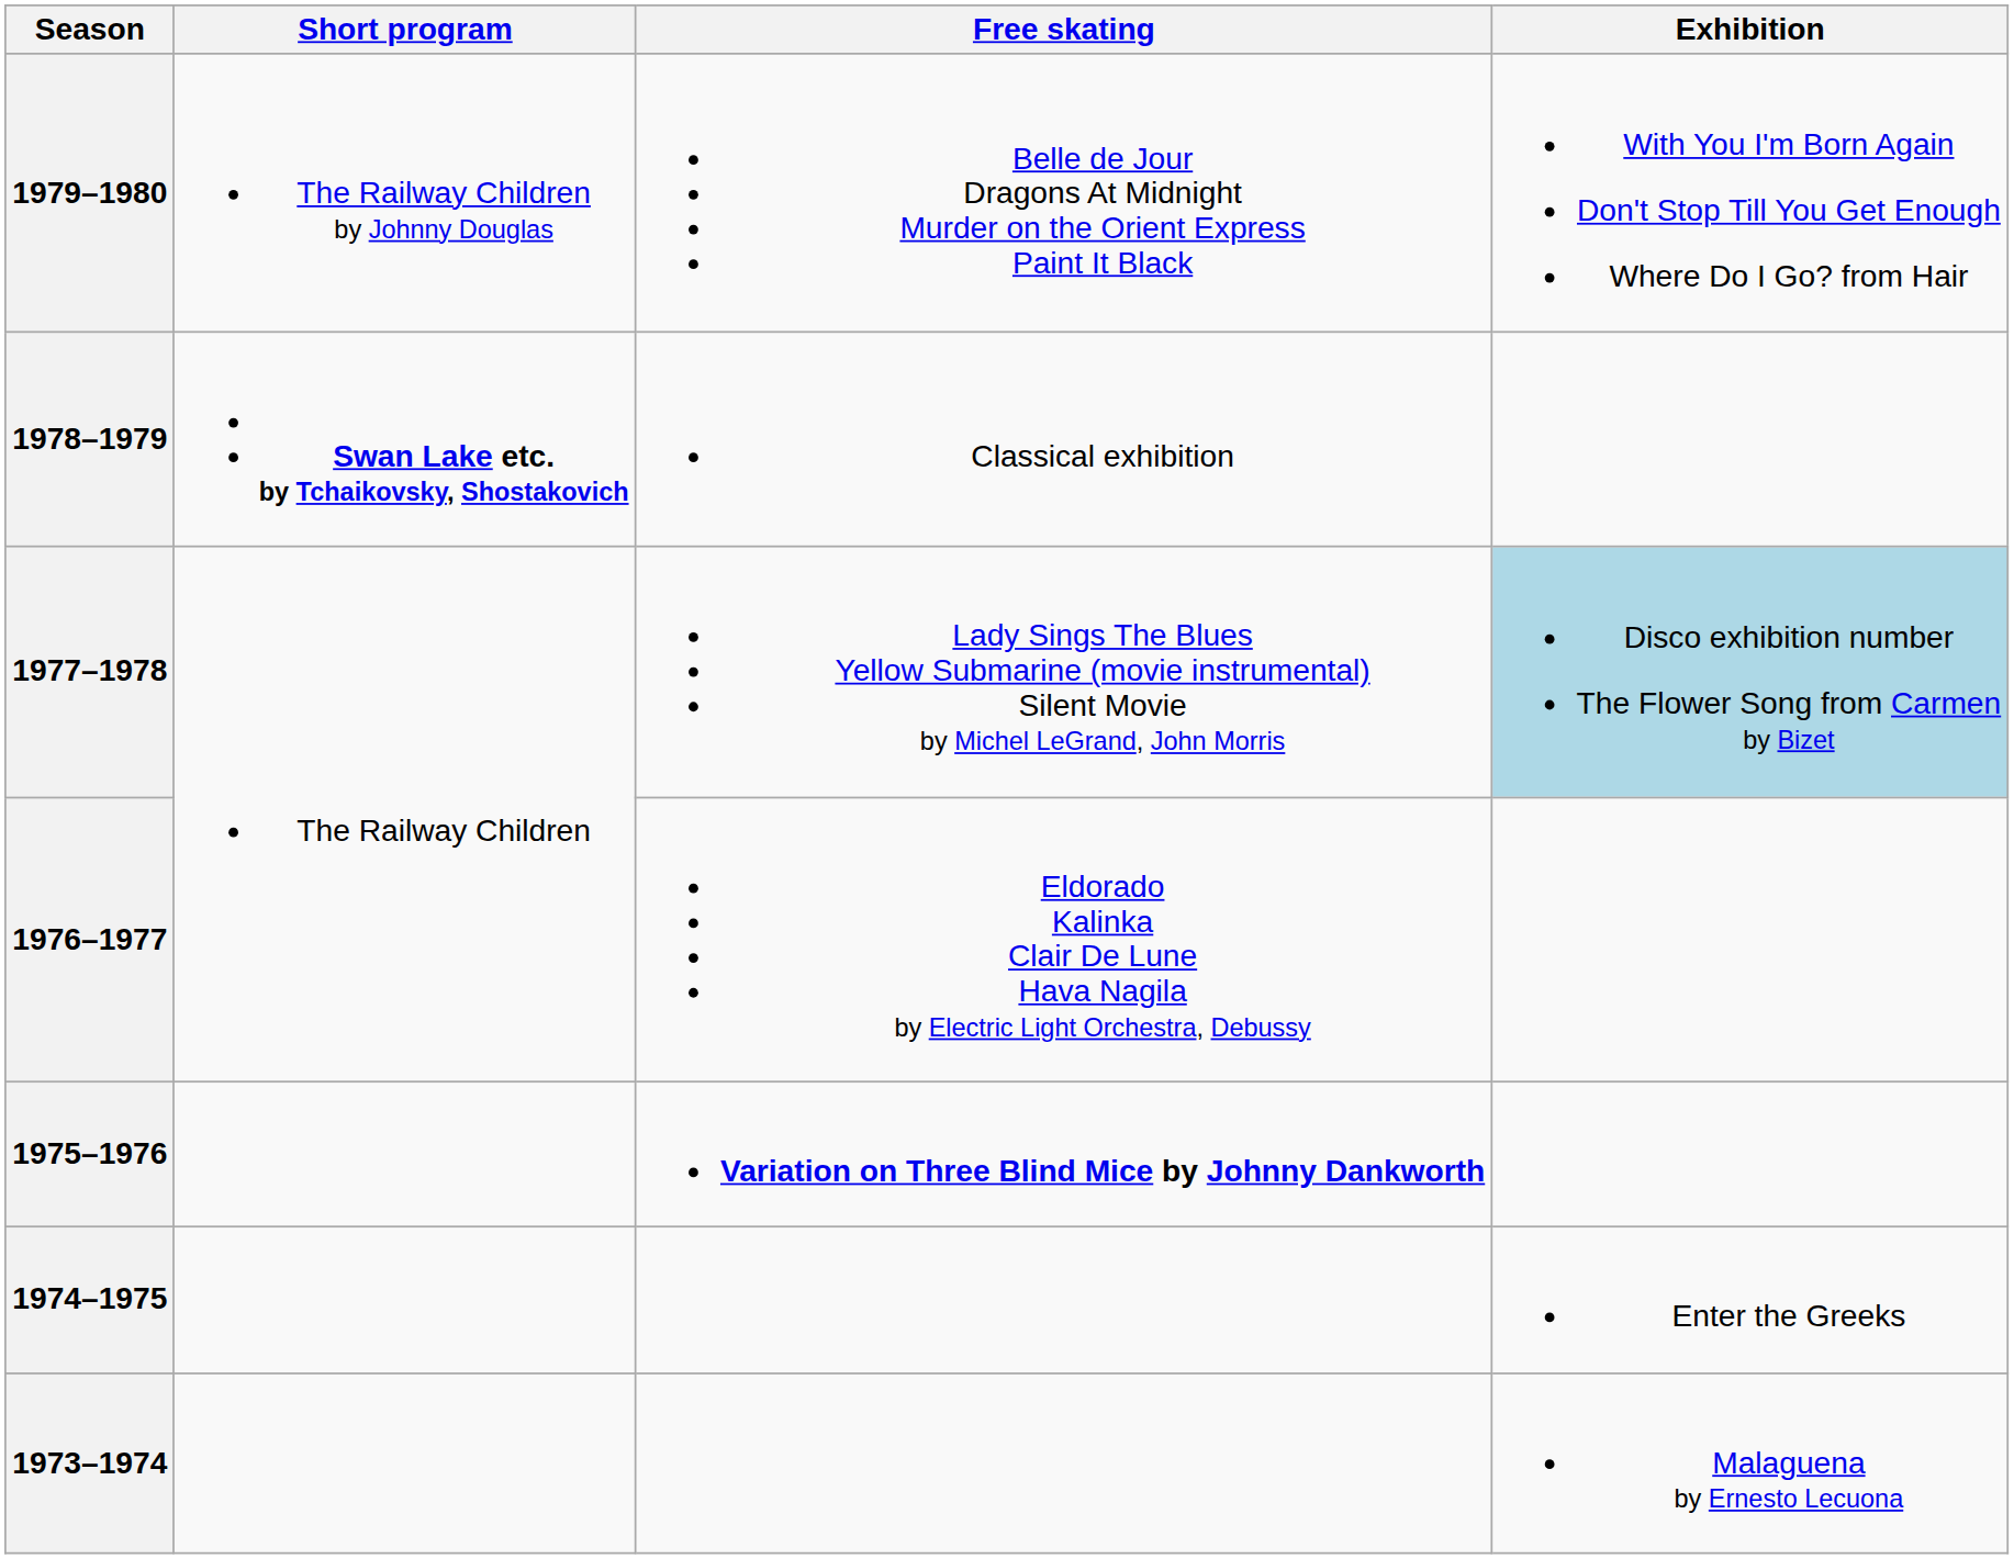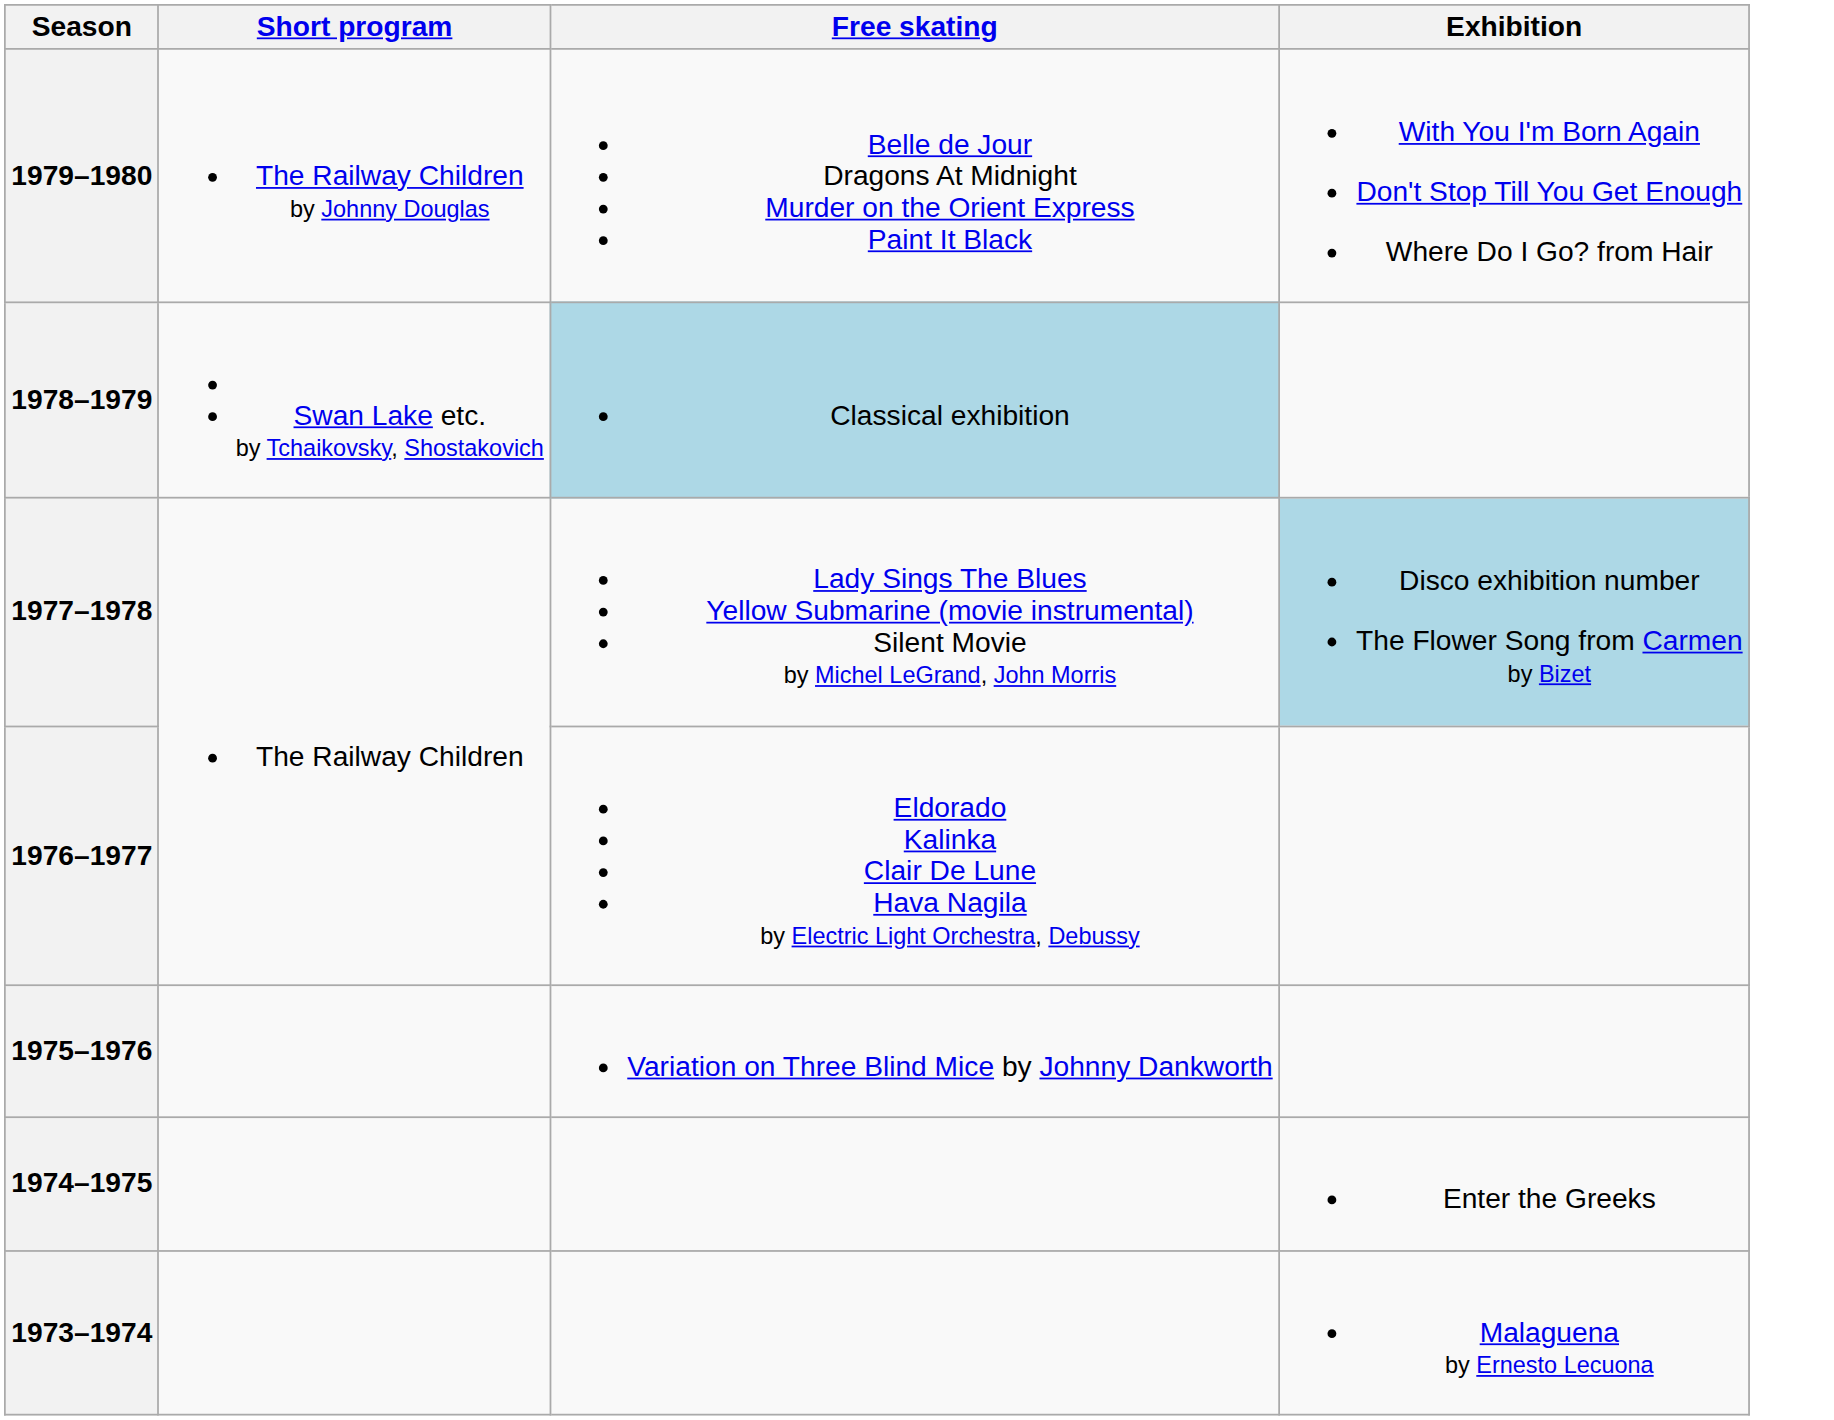 <table class="wikitable" style="text-align:center">
 <tr>
 <th>Season</th>
 <th><a href='#'>Short program</a></th>
 <th><a href='#'>Free skating</a></th>
 <th>Exhibition</th>
 </tr>
 <tr>
 <th>1979–1980</th>
 <td><br><ul><li><a href='#'>The Railway Children</a><br><small>by <a href='#'>Johnny Douglas</a></small></li></ul></td>
 <td><br><ul><li><a href='#'>Belle de Jour</a></li><li>Dragons At Midnight</li><li><a href='#'>Murder on the Orient Express</a></li><li><a href='#'>Paint It Black</a></li></ul></td>
 <td><br><ul><li><a href='#'>With You I'm Born Again</a></li></ul><ul><li><a href='#'>Don't Stop Till You Get Enough</a></li></ul><ul><li>Where Do I Go? from Hair</li></ul></td>
 </tr>
 <tr>
 <th>1978–1979</th>
-<td><strong><br><ul><li></li><li><a href='#'>Swan Lake</a> etc. <br><small>by <a href='#'>Tchaikovsky</a>, <a href='#'>Shostakovich</a></small></li></ul></strong></td>
-<td><br><ul><li>Classical exhibition</li></ul></td>
+<td><br><ul><li></li><li><a href='#'>Swan Lake</a> etc. <br><small>by <a href='#'>Tchaikovsky</a>, <a href='#'>Shostakovich</a></small></li></ul></td>
+<td style="background: lightblue;"><br><ul><li>Classical exhibition</li></ul></td>
 </tr>
 <tr>
 <th>1977–1978</th>
 <td rowspan=2><br><ul><li>The Railway Children</li></ul></td>
 <td><br><ul><li><a href='#'>Lady Sings The Blues</a></li><li><a href='#'>Yellow Submarine (movie instrumental)</a></li><li>Silent Movie <br><small>by <a href='#'>Michel LeGrand</a>, <a href='#'>John Morris</a></small></li></ul></td>
 <td style="background: lightblue;"><br><ul><li>Disco exhibition number</li></ul><ul><li>The Flower Song from <a href='#'>Carmen</a> <br><small>by <a href='#'>Bizet</a></small></li></ul></td>
 </tr>
 <tr>
 <th>1976–1977</th>
 <td><br><ul><li><a href='#'>Eldorado</a></li><li><a href='#'>Kalinka</a></li><li><a href='#'>Clair De Lune</a></li><li><a href='#'>Hava Nagila</a><br><small>by <a href='#'>Electric Light Orchestra</a>, <a href='#'>Debussy</a></small></li></ul></td>
 <td></td>
 </tr>
 <tr>
 <th>1975–1976</th>
 <td></td>
-<td><strong><br><ul><li><a href='#'>Variation on Three Blind Mice</a> by <a href='#'>Johnny Dankworth</a></li></ul></strong></td>
+<td><br><ul><li><a href='#'>Variation on Three Blind Mice</a> by <a href='#'>Johnny Dankworth</a></li></ul></td>
 <td></td>
 </tr>
 <tr>
 <th>1974–1975</th>
 <td></td>
 <td></td>
 <td><br><ul><li>Enter the Greeks<br><small></small></li></ul></td>
 </tr>
 <tr>
 <th>1973–1974</th>
 <td></td>
 <td></td>
 <td><br><ul><li><a href='#'>Malaguena</a> <br><small>by <a href='#'>Ernesto Lecuona</a></small> </li></ul></td>
 </tr>
 </table>
